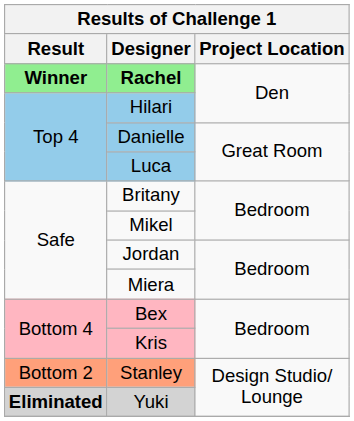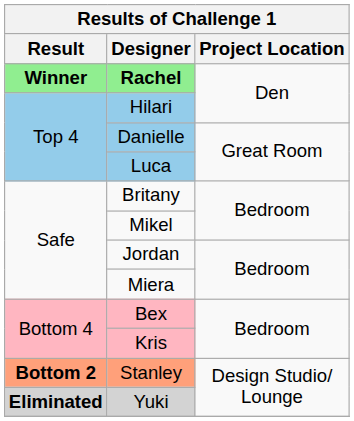 <table class="wikitable" style="text-align:center">
 <tr>
 <th colspan="4">Results of Challenge 1</th>
 </tr>
 <tr>
 <th>Result</th>
 <th>Designer</th>
 <th>Project Location</th>
 </tr>
 <tr>
 <td bgcolor="lightgreen"><strong>Winner</strong></td>
 <td bgcolor="lightgreen"><strong>Rachel</strong></td>
 <td rowspan="2">Den</td>
 </tr>
 <tr>
 <td rowspan="3" bgcolor="#93CCEA">Top 4</td>
 <td bgcolor="#93CCEA">Hilari</td>
 </tr>
 <tr>
 <td bgcolor="#93CCEA">Danielle</td>
 <td rowspan="2">Great Room</td>
 </tr>
 <tr>
 <td bgcolor="#93CCEA">Luca</td>
 </tr>
 <tr>
 <td rowspan="4">Safe</td>
 <td>Britany</td>
 <td rowspan="2">Bedroom</td>
 </tr>
 <tr>
 <td>Mikel</td>
 </tr>
 <tr>
 <td>Jordan</td>
 <td rowspan="2">Bedroom</td>
 </tr>
 <tr>
 <td>Miera</td>
 </tr>
 <tr>
 <td rowspan="2" bgcolor="#FFB6C1">Bottom 4</td>
 <td bgcolor="#FFB6C1">Bex</td>
 <td rowspan="2">Bedroom</td>
 </tr>
 <tr>
 <td bgcolor="#FFB6C1">Kris</td>
 </tr>
 <tr>
-<td bgcolor="#FFA07A">Bottom 2</td>
+<td bgcolor="#FFA07A"><strong>Bottom 2</strong></td>
 <td bgcolor="#FFA07A">Stanley</td>
 <td rowspan="2">Design Studio/<br>Lounge</td>
 </tr>
 <tr>
 <td bgcolor="lightgrey"><strong>Eliminated</strong></td>
 <td bgcolor="lightgrey">Yuki</td>
 </tr>
 <tr>
 </tr>
 </table>
